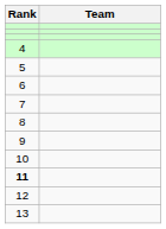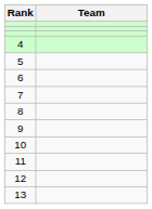 <table class="wikitable" style="text-align:center">
 <tr>
 <th width=40>Rank</th>
 <th width=160>Team</th>
 </tr>
 <tr bgcolor=#ccffcc>
 <td></td>
 <td style="text-align:left"></td>
 </tr>
 <tr bgcolor=#ccffcc>
 <td></td>
 <td style="text-align:left"></td>
 </tr>
 <tr bgcolor=#ccffcc>
 <td></td>
 <td style="text-align:left"></td>
 </tr>
 <tr bgcolor=#ccffcc>
 <td>4</td>
 <td style="text-align:left"></td>
 </tr>
 <tr>
 <td>5</td>
 <td style="text-align:left"></td>
 </tr>
 <tr>
 <td>6</td>
 <td style="text-align:left"></td>
 </tr>
 <tr>
 <td>7</td>
 <td style="text-align:left"></td>
 </tr>
 <tr>
 <td>8</td>
 <td style="text-align:left"></td>
 </tr>
 <tr>
 <td>9</td>
 <td style="text-align:left"></td>
 </tr>
 <tr>
 <td>10</td>
 <td style="text-align:left"></td>
 </tr>
 <tr>
-<td><strong>11</strong></td>
+<td>11</td>
 <td style="text-align:left"></td>
 </tr>
 <tr>
 <td>12</td>
 <td style="text-align:left"></td>
 </tr>
 <tr>
 <td>13</td>
 <td style="text-align:left"></td>
 </tr>
 </table>
